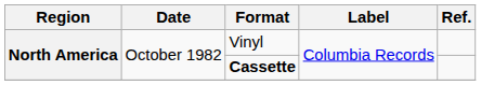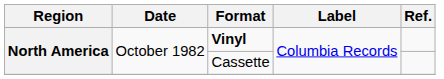 <table class="wikitable plainrowheaders">
 <tr>
 <th scope="col">Region</th>
 <th scope="col">Date</th>
 <th scope="col">Format</th>
 <th scope="col">Label</th>
 <th scope="col">Ref.</th>
 </tr>
 <tr>
 <th scope="row" rowspan="2">North America</th>
 <td rowspan="2">October 1982</td>
-<td>Vinyl</td>
+<td><strong>Vinyl</strong></td>
 <td rowspan="2"><a href='#'>Columbia Records</a></td>
 <td></td>
 </tr>
 <tr>
-<td><strong>Cassette</strong></td>
+<td>Cassette</td>
 <td></td>
 </tr>
 <tr>
 </tr>
 </table>
